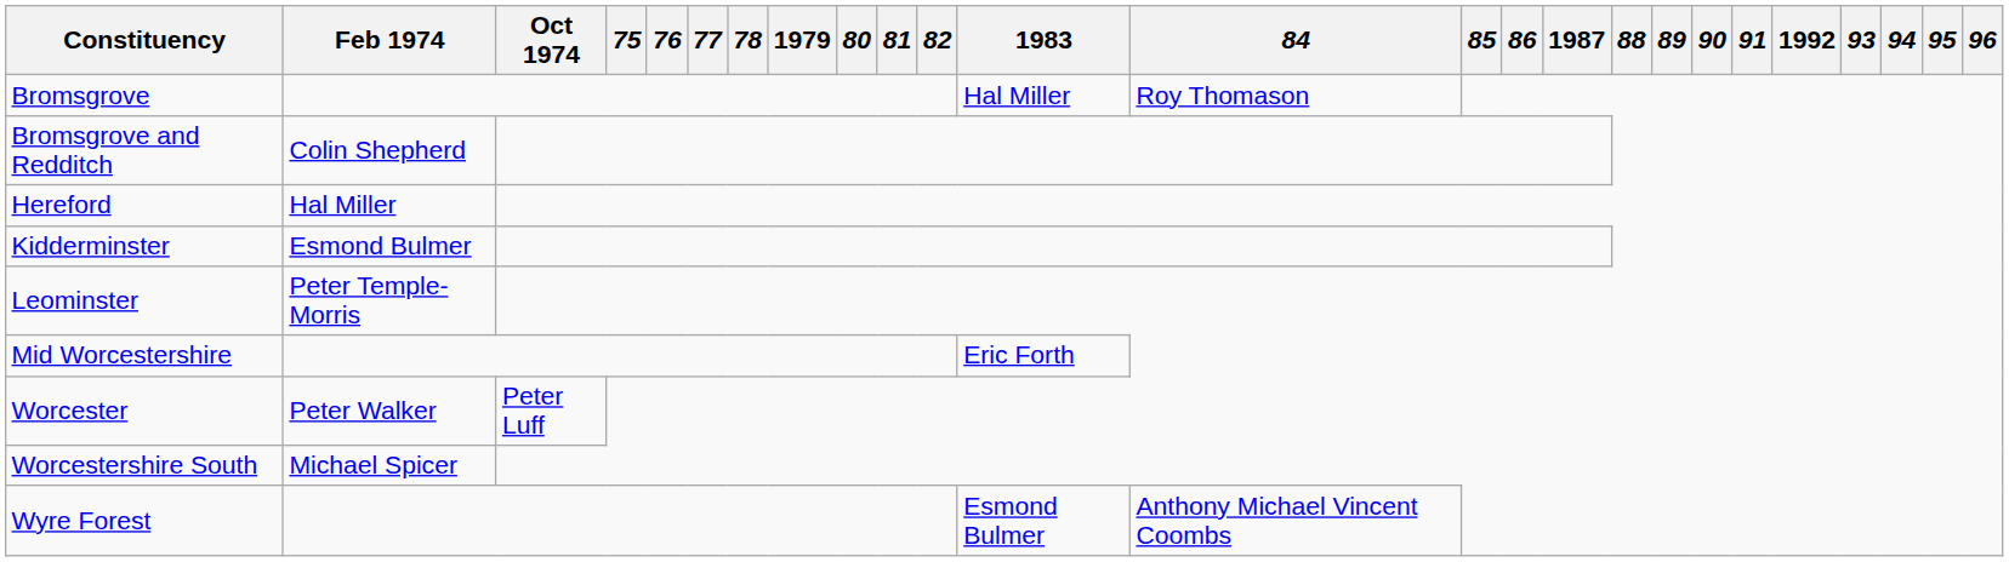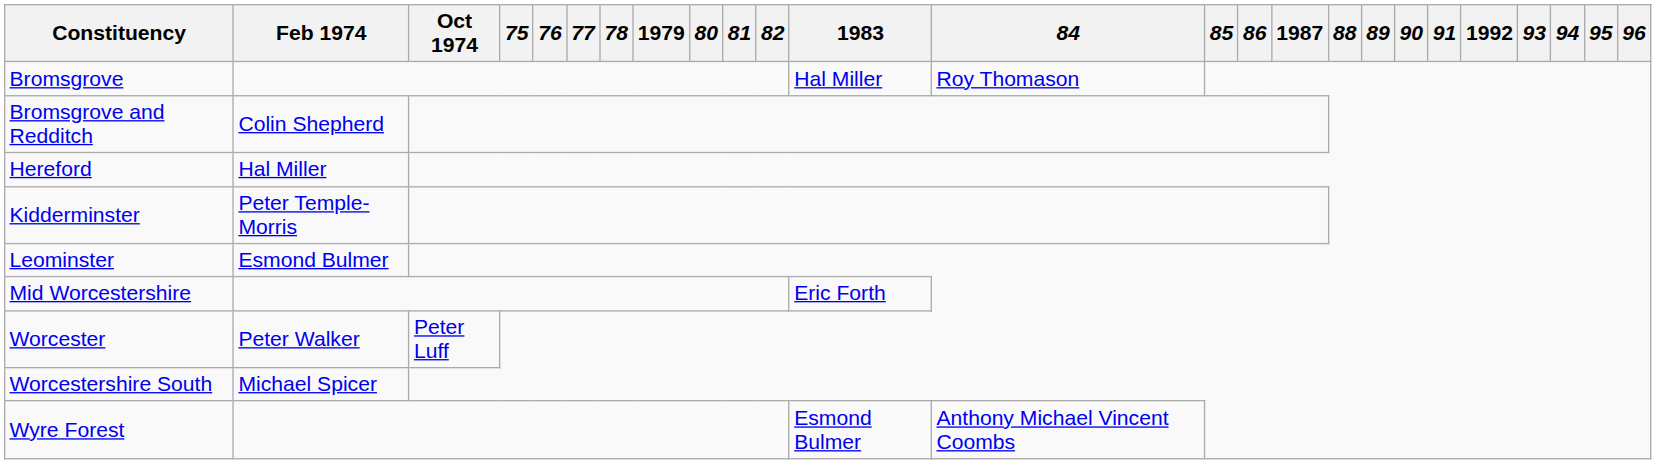 <table class="wikitable">
 <tr>
 <th>Constituency</th>
 <th>Feb 1974</th>
 <th>Oct 1974</th>
 <th><em>75</em></th>
 <th><em>76</em></th>
 <th><em>77</em></th>
 <th><em>78</em></th>
 <th>1979</th>
 <th><em>80</em></th>
 <th><em>81</em></th>
 <th><em>82</em></th>
 <th>1983</th>
 <th><em>84</em></th>
 <th><em>85</em></th>
 <th><em>86</em></th>
 <th>1987</th>
 <th><em>88</em></th>
 <th><em>89</em></th>
 <th><em>90</em></th>
 <th><em>91</em></th>
 <th>1992</th>
 <th><em>93</em></th>
 <th><em>94</em></th>
 <th><em>95</em></th>
 <th><em>96</em></th>
 </tr>
 <tr>
 <td><a href='#'>Bromsgrove</a></td>
 <td colspan=10></td>
 <td><a href='#'>Hal Miller</a></td>
 <td><a href='#'>Roy Thomason</a></td>
 </tr>
 <tr>
 <td><a href='#'>Bromsgrove and Redditch</a></td>
 <td><a href='#'>Colin Shepherd</a></td>
 <td colspan=14></td>
 </tr>
 <tr>
 <td><a href='#'>Hereford</a></td>
 <td><a href='#'>Hal Miller</a></td>
 </tr>
 <tr>
 <td><a href='#'>Kidderminster</a></td>
-<td><a href='#'>Esmond Bulmer</a></td>
+<td><a href='#'>Peter Temple-Morris</a></td>
 <td colspan=14></td>
 </tr>
 <tr>
 <td><a href='#'>Leominster</a></td>
-<td><a href='#'>Peter Temple-Morris</a></td>
+<td><a href='#'>Esmond Bulmer</a></td>
 </tr>
 <tr>
 <td><a href='#'>Mid Worcestershire</a></td>
 <td colspan=10></td>
 <td><a href='#'>Eric Forth</a></td>
 </tr>
 <tr>
 <td><a href='#'>Worcester</a></td>
 <td><a href='#'>Peter Walker</a></td>
 <td><a href='#'>Peter Luff</a></td>
 </tr>
 <tr>
 <td><a href='#'>Worcestershire South</a></td>
 <td><a href='#'>Michael Spicer</a></td>
 </tr>
 <tr>
 <td><a href='#'>Wyre Forest</a></td>
 <td colspan=10></td>
 <td><a href='#'>Esmond Bulmer</a></td>
 <td><a href='#'>Anthony Michael Vincent Coombs</a></td>
 </tr>
 </table>
